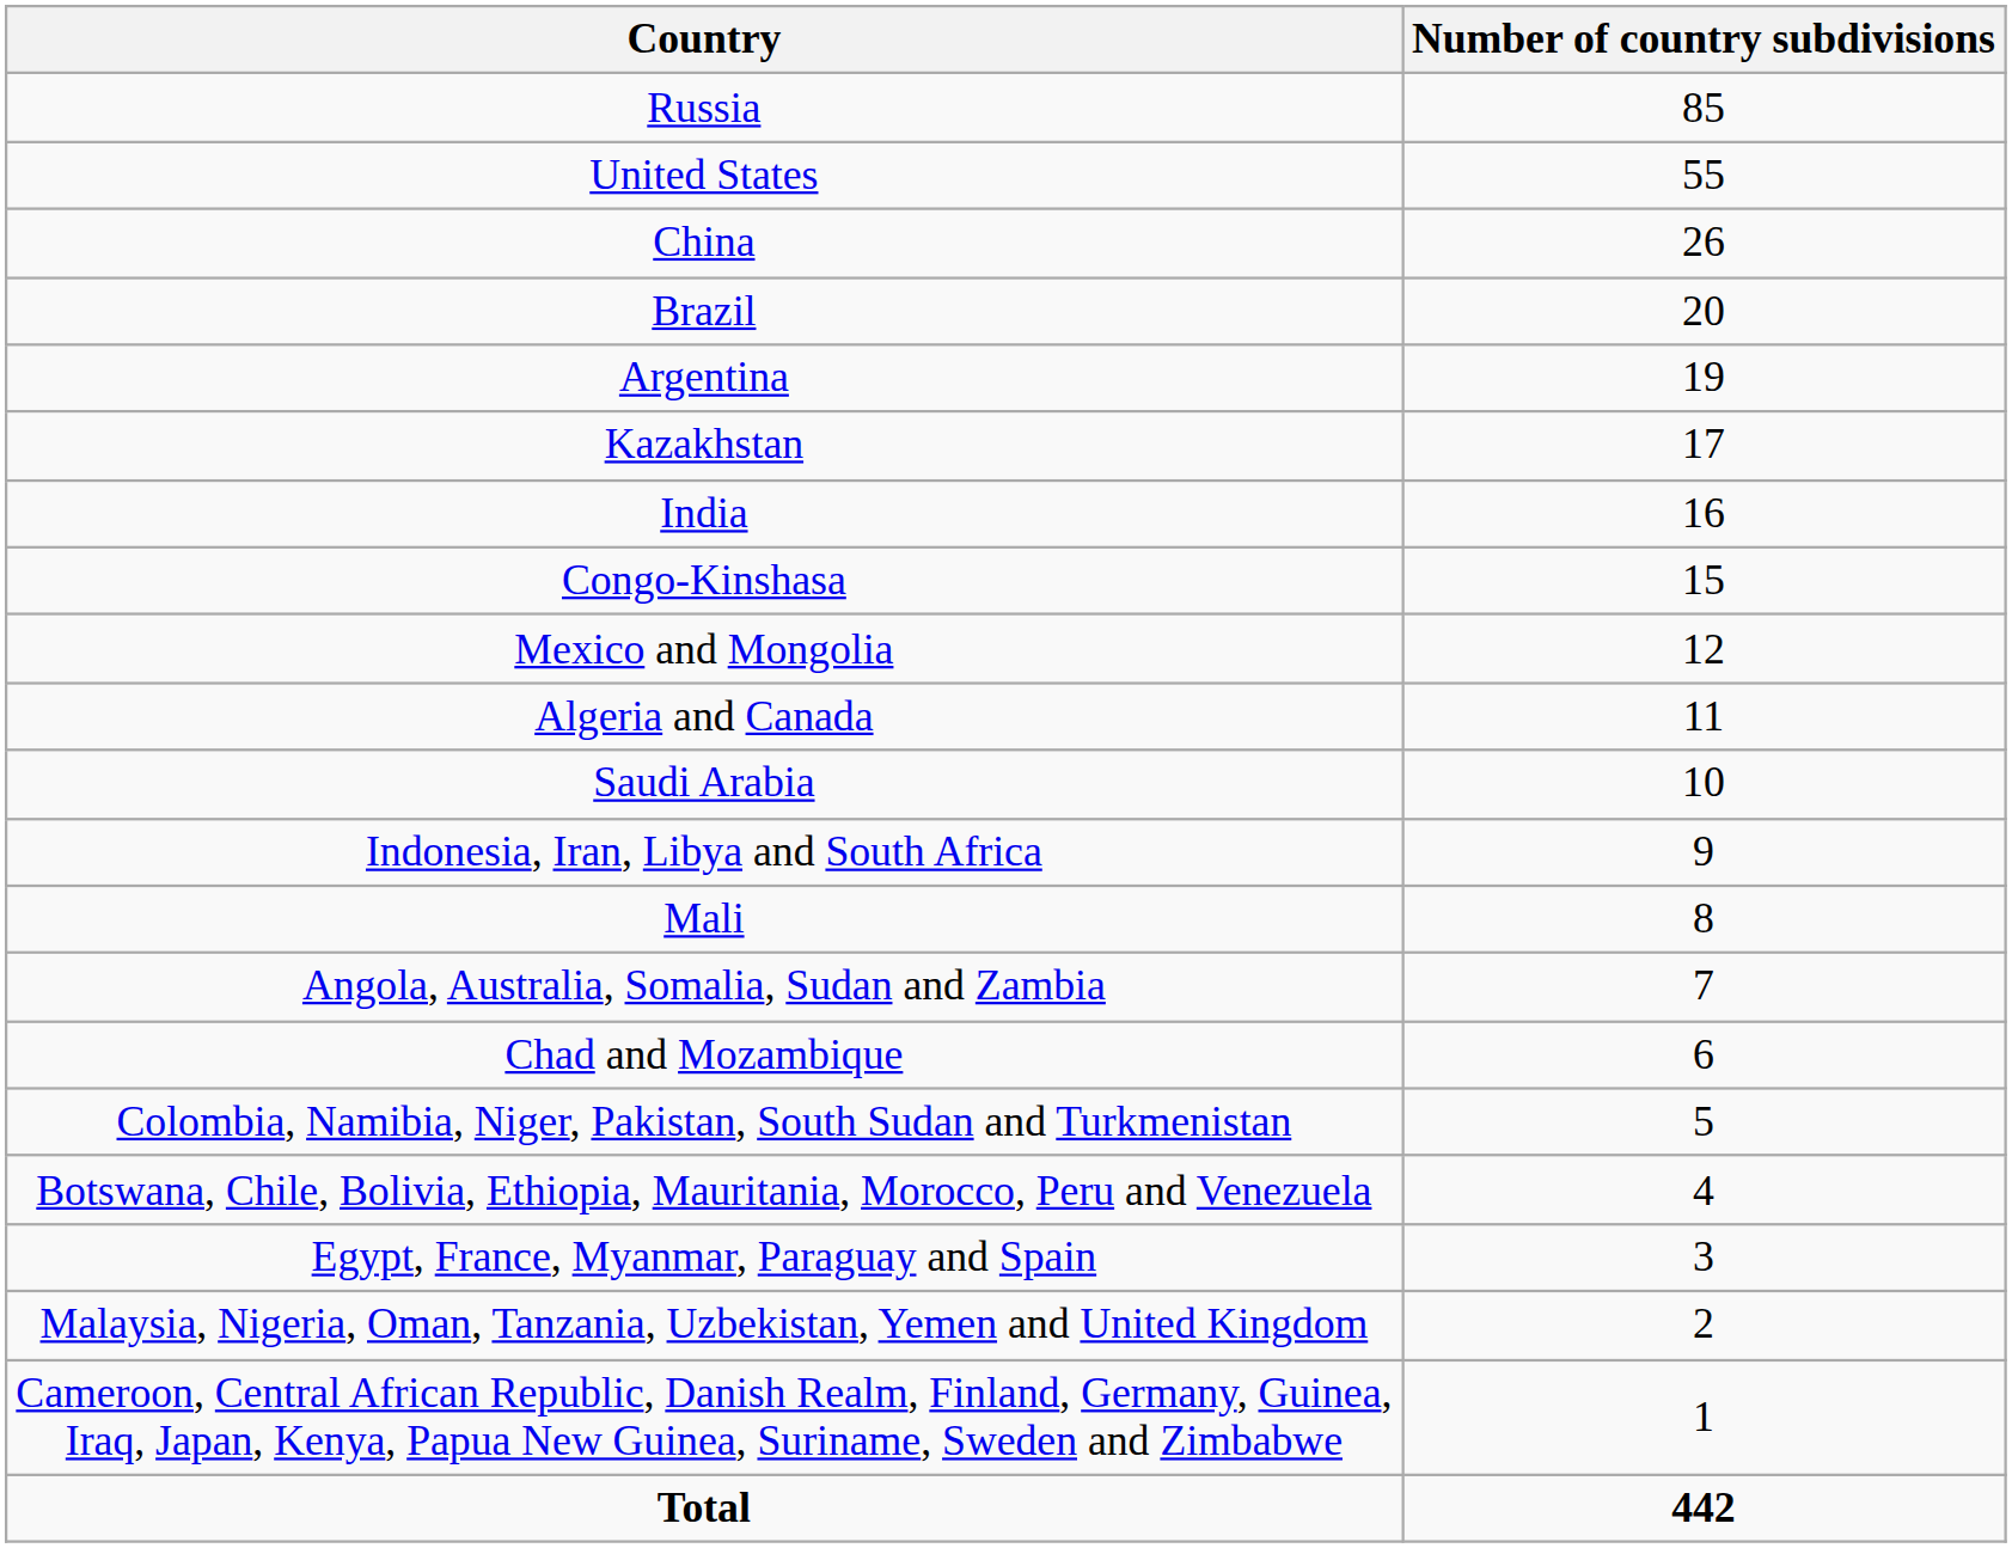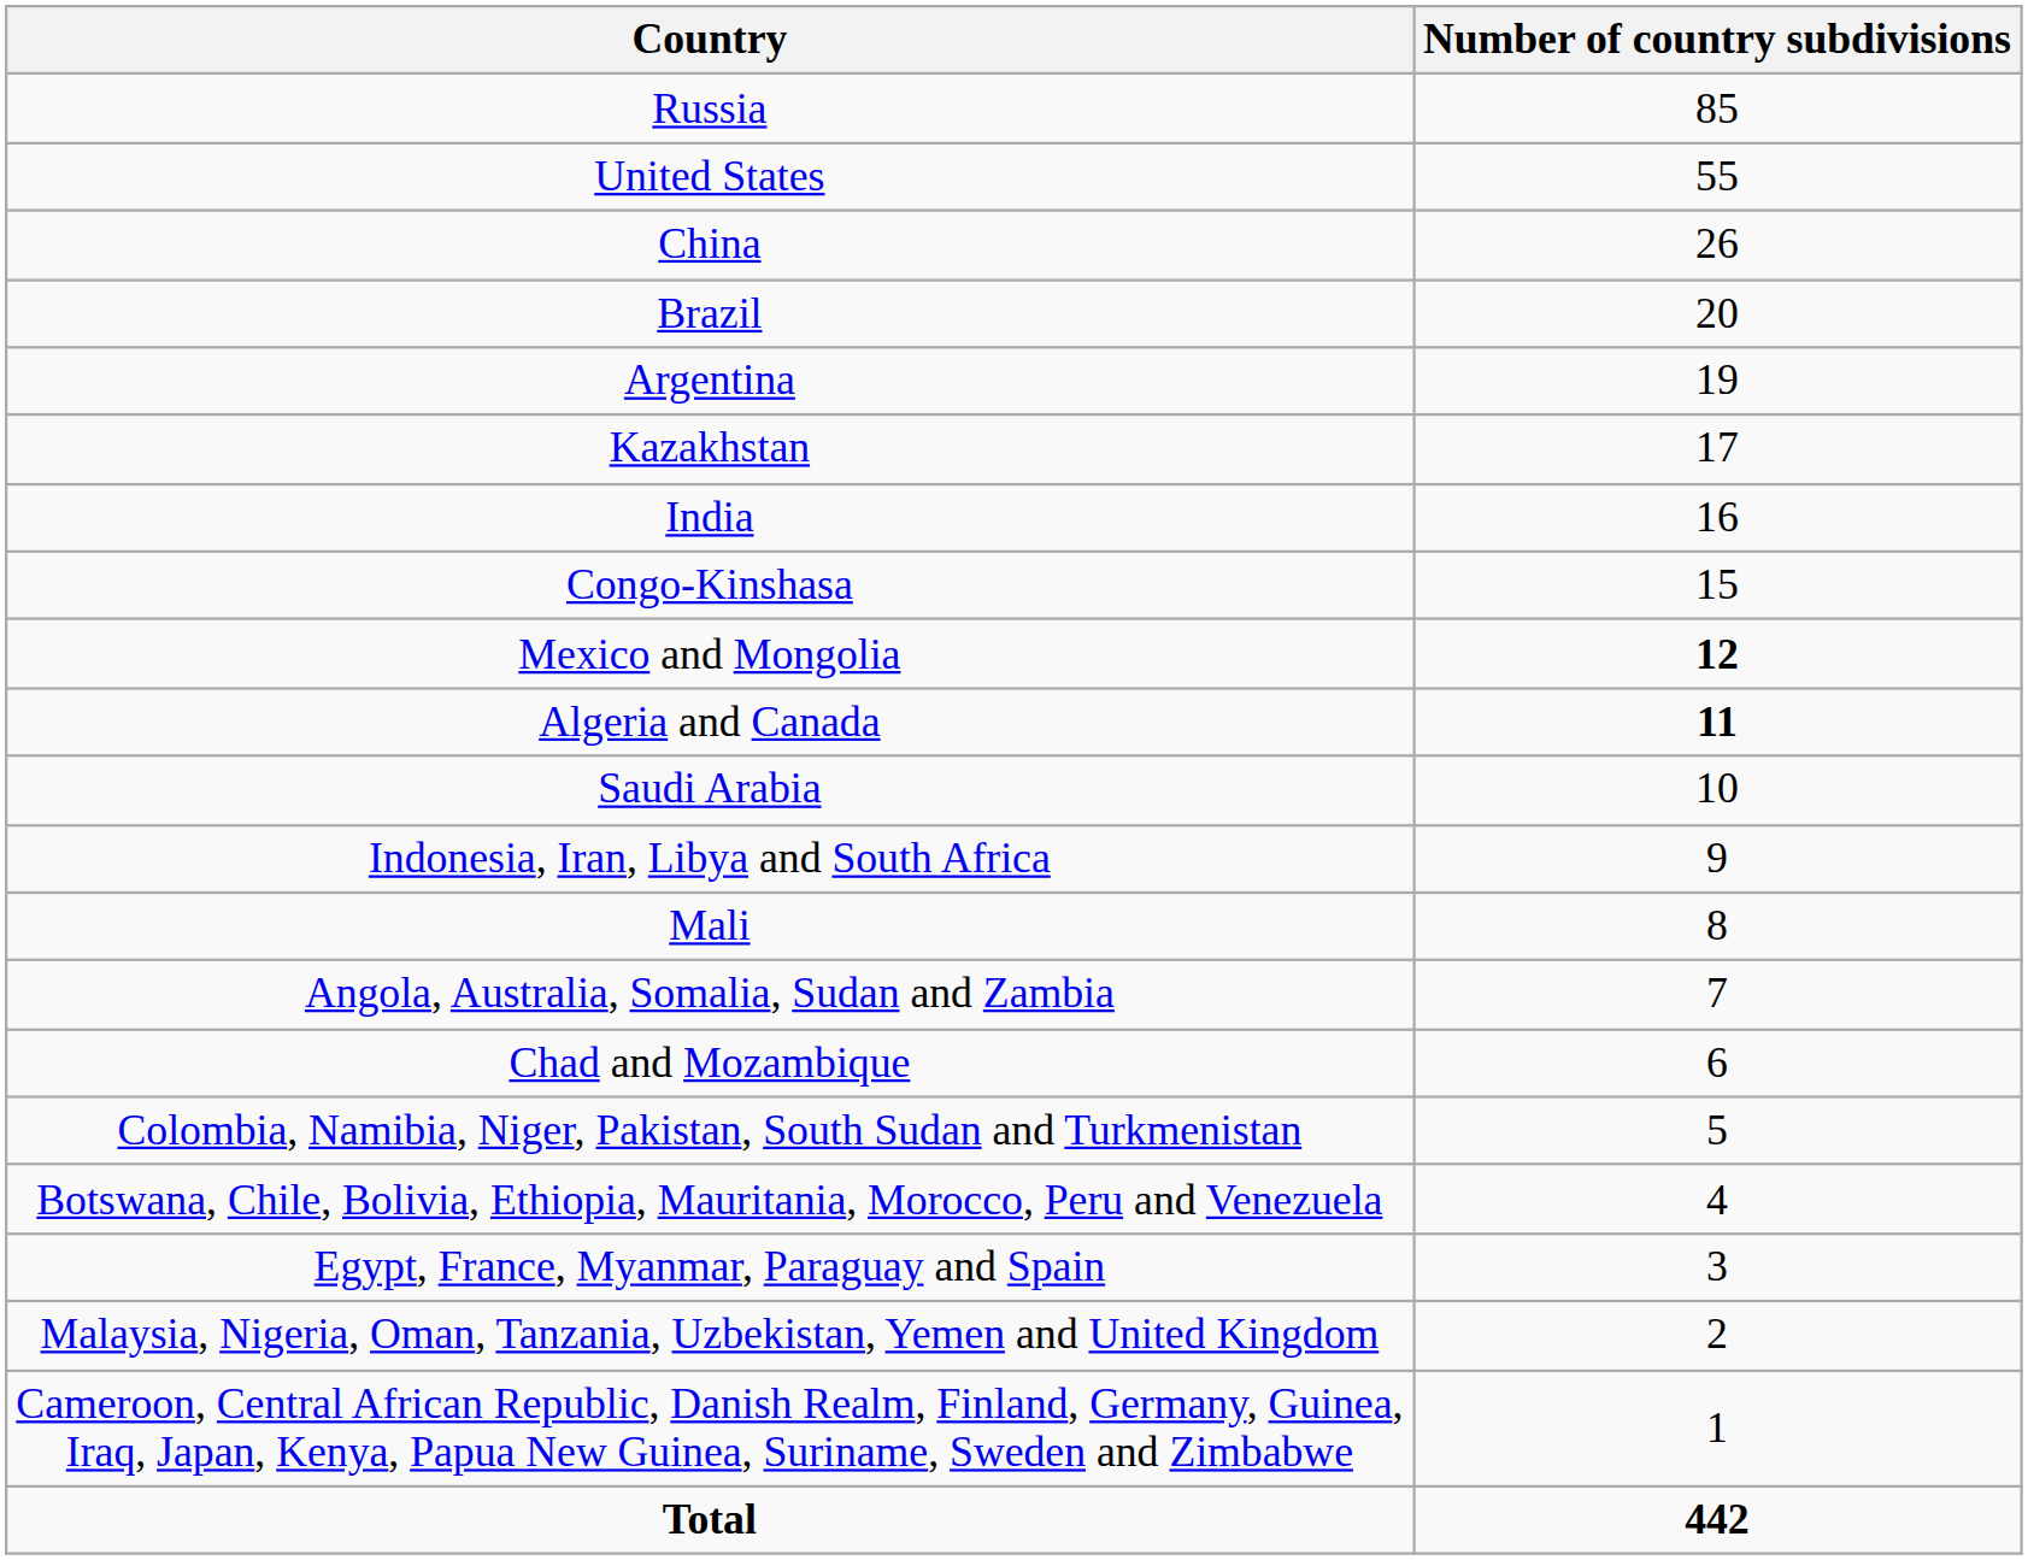 <table class="wikitable" style="text-align:center">
 <tr>
 <th>Country</th>
 <th>Number of country subdivisions</th>
 </tr>
 <tr>
 <td><a href='#'>Russia</a></td>
 <td>85</td>
 </tr>
 <tr>
 <td><a href='#'>United States</a></td>
 <td>55</td>
 </tr>
 <tr>
 <td><a href='#'>China</a></td>
 <td>26</td>
 </tr>
 <tr>
 <td><a href='#'>Brazil</a></td>
 <td>20</td>
 </tr>
 <tr>
 <td><a href='#'>Argentina</a></td>
 <td>19</td>
 </tr>
 <tr>
 <td><a href='#'>Kazakhstan</a></td>
 <td>17</td>
 </tr>
 <tr>
 <td><a href='#'>India</a></td>
 <td>16</td>
 </tr>
 <tr>
 <td><a href='#'>Congo-Kinshasa</a></td>
 <td>15</td>
 </tr>
 <tr>
 <td><a href='#'>Mexico</a> and <a href='#'>Mongolia</a></td>
-<td>12</td>
+<td><strong>12</strong></td>
 </tr>
 <tr>
 <td><a href='#'>Algeria</a> and <a href='#'>Canada</a></td>
-<td>11</td>
+<td><strong>11</strong></td>
 </tr>
 <tr>
 <td><a href='#'>Saudi Arabia</a></td>
 <td>10</td>
 </tr>
 <tr>
 <td><a href='#'>Indonesia</a>, <a href='#'>Iran</a>, <a href='#'>Libya</a> and <a href='#'>South Africa</a></td>
 <td>9</td>
 </tr>
 <tr>
 <td><a href='#'>Mali</a></td>
 <td>8</td>
 </tr>
 <tr>
 <td><a href='#'>Angola</a>, <a href='#'>Australia</a>, <a href='#'>Somalia</a>, <a href='#'>Sudan</a> and <a href='#'>Zambia</a></td>
 <td>7</td>
 </tr>
 <tr>
 <td><a href='#'>Chad</a> and <a href='#'>Mozambique</a></td>
 <td>6</td>
 </tr>
 <tr>
 <td><a href='#'>Colombia</a>, <a href='#'>Namibia</a>, <a href='#'>Niger</a>, <a href='#'>Pakistan</a>, <a href='#'>South Sudan</a> and <a href='#'>Turkmenistan</a></td>
 <td>5</td>
 </tr>
 <tr>
 <td><a href='#'>Botswana</a>, <a href='#'>Chile</a>, <a href='#'>Bolivia</a>, <a href='#'>Ethiopia</a>, <a href='#'>Mauritania</a>, <a href='#'>Morocco</a>, <a href='#'>Peru</a> and <a href='#'>Venezuela</a></td>
 <td>4</td>
 </tr>
 <tr>
 <td><a href='#'>Egypt</a>, <a href='#'>France</a>, <a href='#'>Myanmar</a>, <a href='#'>Paraguay</a> and <a href='#'>Spain</a></td>
 <td>3</td>
 </tr>
 <tr>
 <td><a href='#'>Malaysia</a>, <a href='#'>Nigeria</a>, <a href='#'>Oman</a>, <a href='#'>Tanzania</a>, <a href='#'>Uzbekistan</a>, <a href='#'>Yemen</a> and <a href='#'>United Kingdom</a></td>
 <td>2</td>
 </tr>
 <tr>
 <td><a href='#'>Cameroon</a>, <a href='#'>Central African Republic</a>, <a href='#'>Danish Realm</a>, <a href='#'>Finland</a>, <a href='#'>Germany</a>, <a href='#'>Guinea</a>, <br><a href='#'>Iraq</a>, <a href='#'>Japan</a>, <a href='#'>Kenya</a>, <a href='#'>Papua New Guinea</a>, <a href='#'>Suriname</a>, <a href='#'>Sweden</a> and <a href='#'>Zimbabwe</a></td>
 <td>1</td>
 </tr>
 <tr>
 <td><strong>Total</strong></td>
 <td><strong>442</strong></td>
 </tr>
 </table>
